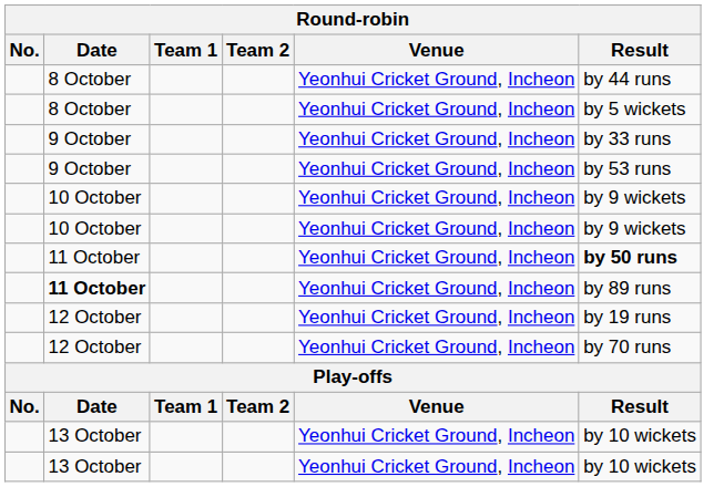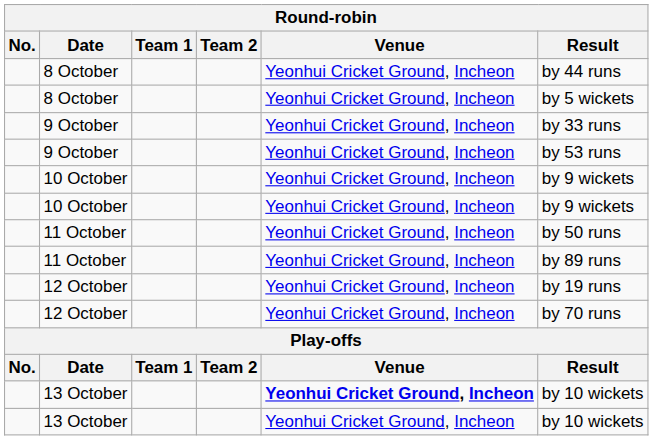 <table class="wikitable">
 <tr>
 <th colspan="6">Round-robin</th>
 </tr>
 <tr>
 <th>No.</th>
 <th>Date</th>
 <th>Team 1</th>
 <th>Team 2</th>
 <th>Venue</th>
 <th>Result</th>
 </tr>
 <tr>
 <td></td>
 <td>8 October</td>
 <td></td>
 <td></td>
 <td><a href='#'>Yeonhui Cricket Ground</a>, <a href='#'>Incheon</a></td>
 <td> by 44 runs</td>
 </tr>
 <tr>
 <td></td>
 <td>8 October</td>
 <td></td>
 <td></td>
 <td><a href='#'>Yeonhui Cricket Ground</a>, <a href='#'>Incheon</a></td>
 <td> by 5 wickets</td>
 </tr>
 <tr>
 <td></td>
 <td>9 October</td>
 <td></td>
 <td></td>
 <td><a href='#'>Yeonhui Cricket Ground</a>, <a href='#'>Incheon</a></td>
 <td> by 33 runs</td>
 </tr>
 <tr>
 <td></td>
 <td>9 October</td>
 <td></td>
 <td></td>
 <td><a href='#'>Yeonhui Cricket Ground</a>, <a href='#'>Incheon</a></td>
 <td> by 53 runs</td>
 </tr>
 <tr>
 <td></td>
 <td>10 October</td>
 <td></td>
 <td></td>
 <td><a href='#'>Yeonhui Cricket Ground</a>, <a href='#'>Incheon</a></td>
 <td> by 9 wickets</td>
 </tr>
 <tr>
 <td></td>
 <td>10 October</td>
 <td></td>
 <td></td>
 <td><a href='#'>Yeonhui Cricket Ground</a>, <a href='#'>Incheon</a></td>
 <td> by 9 wickets</td>
 </tr>
 <tr>
 <td></td>
 <td>11 October</td>
 <td></td>
 <td></td>
 <td><a href='#'>Yeonhui Cricket Ground</a>, <a href='#'>Incheon</a></td>
-<td><strong> by 50 runs</strong></td>
+<td> by 50 runs</td>
 </tr>
 <tr>
 <td></td>
-<td><strong>11 October</strong></td>
+<td>11 October</td>
 <td></td>
 <td></td>
 <td><a href='#'>Yeonhui Cricket Ground</a>, <a href='#'>Incheon</a></td>
 <td> by 89 runs</td>
 </tr>
 <tr>
 <td></td>
 <td>12 October</td>
 <td></td>
 <td></td>
 <td><a href='#'>Yeonhui Cricket Ground</a>, <a href='#'>Incheon</a></td>
 <td> by 19 runs</td>
 </tr>
 <tr>
 <td></td>
 <td>12 October</td>
 <td></td>
 <td></td>
 <td><a href='#'>Yeonhui Cricket Ground</a>, <a href='#'>Incheon</a></td>
 <td> by 70 runs</td>
 </tr>
 <tr>
 <th colspan="6">Play-offs</th>
 </tr>
 <tr>
 <th>No.</th>
 <th>Date</th>
 <th>Team 1</th>
 <th>Team 2</th>
 <th>Venue</th>
 <th>Result</th>
 </tr>
 <tr>
 <td></td>
 <td>13 October</td>
 <td></td>
 <td></td>
-<td><a href='#'>Yeonhui Cricket Ground</a>, <a href='#'>Incheon</a></td>
+<td><strong><a href='#'>Yeonhui Cricket Ground</a>, <a href='#'>Incheon</a></strong></td>
 <td> by 10 wickets</td>
 </tr>
 <tr>
 <td></td>
 <td>13 October</td>
 <td></td>
 <td></td>
 <td><a href='#'>Yeonhui Cricket Ground</a>, <a href='#'>Incheon</a></td>
 <td> by 10 wickets</td>
 </tr>
 </table>
